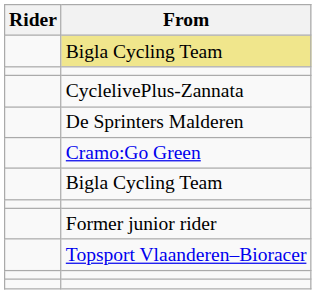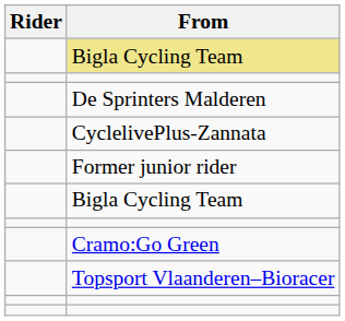 <table class="wikitable sortable">
 <tr>
 <th>Rider</th>
 <th>From</th>
 </tr>
 <tr>
 <td></td>
 <td style="background: khaki;">Bigla Cycling Team</td>
 </tr>
 <tr>
 <td></td>
 <td></td>
 </tr>
 <tr>
 <td></td>
+<td>De Sprinters Malderen</td>
+</tr>
+<tr>
+<td></td>
 <td>CyclelivePlus-Zannata</td>
 </tr>
 <tr>
 <td></td>
-<td>De Sprinters Malderen</td>
-</tr>
-<tr>
-<td></td>
-<td><a href='#'>Cramo:Go Green</a></td>
+<td>Former junior rider</td>
 </tr>
 <tr>
 <td></td>
 <td>Bigla Cycling Team</td>
 </tr>
 <tr>
 <td></td>
 <td></td>
 </tr>
 <tr>
 <td></td>
-<td>Former junior rider</td>
+<td><a href='#'>Cramo:Go Green</a></td>
 </tr>
 <tr>
 <td></td>
 <td><a href='#'>Topsport Vlaanderen–Bioracer</a></td>
 </tr>
 <tr>
 <td></td>
 <td></td>
 </tr>
 <tr>
 <td></td>
 <td></td>
 </tr>
 </table>
